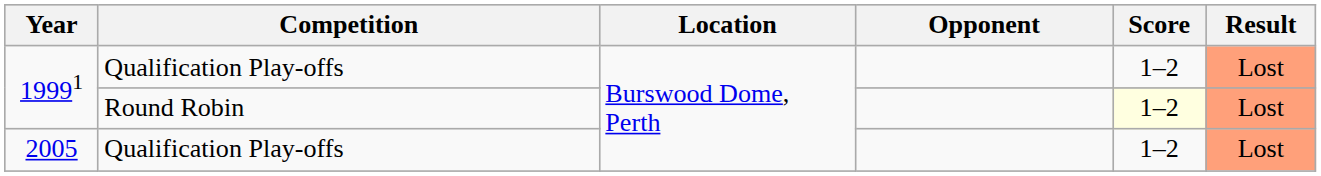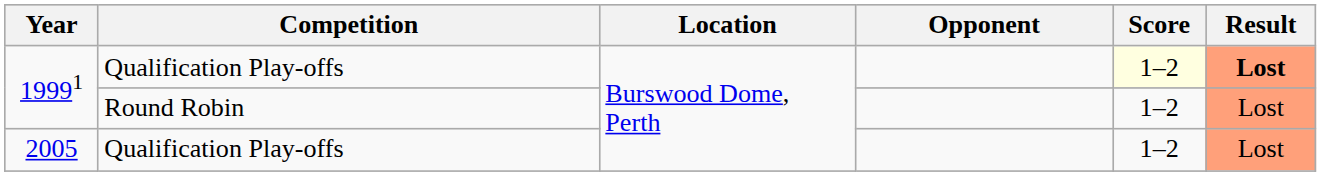 <table class="wikitable">
 <tr>
 <th width="50">Year</th>
 <th width="300">Competition</th>
 <th width="150">Location</th>
 <th width="150">Opponent</th>
 <th width="50">Score</th>
 <th width="60">Result</th>
 </tr>
 <tr>
 <td align="center" rowspan="2"><a href='#'>1999</a><sup>1</sup></td>
 <td>Qualification Play-offs</td>
 <td rowspan=3><a href='#'>Burswood Dome</a>, <a href='#'>Perth</a></td>
 <td></td>
-<td align="center">1–2</td>
-<td align="center" bgcolor="#FFA07A">Lost</td>
+<td align="center" style="background: lightyellow;">1–2</td>
+<td align="center" bgcolor="#FFA07A"><strong>Lost</strong></td>
 </tr>
 <tr>
 <td>Round Robin</td>
 <td></td>
-<td align="center" style="background: lightyellow;">1–2</td>
+<td align="center">1–2</td>
 <td align="center" bgcolor="#FFA07A">Lost</td>
 </tr>
 <tr>
 <td align="center" rowspan="1"><a href='#'>2005</a></td>
 <td>Qualification Play-offs</td>
 <td></td>
 <td align="center">1–2</td>
 <td align="center" bgcolor="#FFA07A">Lost</td>
 </tr>
 </table>
